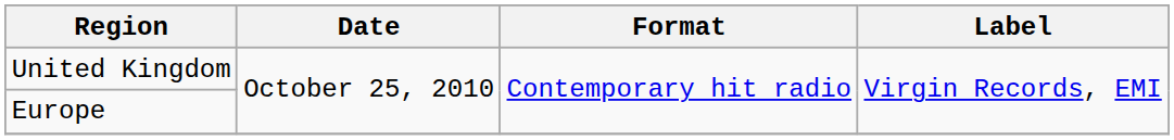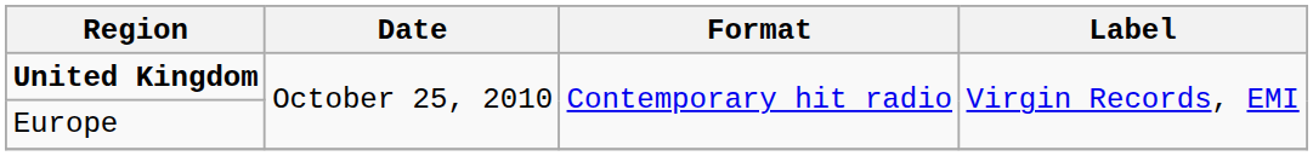 <table class="wikitable">
 <tr>
 <th>Region</th>
 <th>Date</th>
 <th>Format</th>
 <th>Label</th>
 </tr>
 <tr>
-<td>United Kingdom</td>
+<td><strong>United Kingdom</strong></td>
 <td rowspan="2">October 25, 2010</td>
 <td rowspan="2"><a href='#'>Contemporary hit radio</a></td>
 <td rowspan="2"><a href='#'>Virgin Records</a>, <a href='#'>EMI</a></td>
 </tr>
 <tr>
 <td>Europe</td>
 </tr>
 <tr>
 </tr>
 </table>
